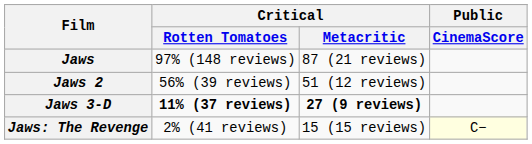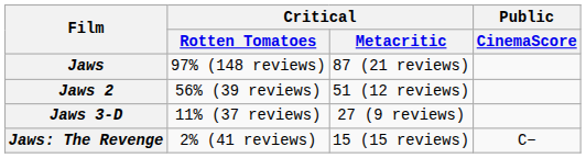 <table class="wikitable plainrowheaders sortable" style="text-align: center;">
 <tr>
 <th scope="col" rowspan="2">Film</th>
 <th scope="col" colspan="2">Critical</th>
 <th colspan="2" scope="col">Public</th>
 </tr>
 <tr>
 <th scope="col"><a href='#'>Rotten Tomatoes</a></th>
 <th scope="col"><a href='#'>Metacritic</a></th>
 <th scope="col"><a href='#'>CinemaScore</a></th>
 </tr>
 <tr>
 <th scope="row"><em>Jaws</em></th>
 <td>97% (148 reviews)</td>
 <td>87 (21 reviews)</td>
 <td></td>
 </tr>
 <tr>
 <th scope="row"><em>Jaws 2</em></th>
 <td>56% (39 reviews)</td>
 <td>51 (12 reviews)</td>
 <td></td>
 </tr>
 <tr>
 <th scope="row"><em>Jaws 3-D</em></th>
-<td><strong>11% (37 reviews)</strong></td>
-<td><strong>27 (9 reviews)</strong></td>
+<td>11% (37 reviews)</td>
+<td>27 (9 reviews)</td>
 <td></td>
 </tr>
 <tr>
 <th scope="row"><em>Jaws: The Revenge</em></th>
 <td>2% (41 reviews)</td>
 <td>15 (15 reviews)</td>
-<td style="background: lightyellow;">C−</td>
+<td>C−</td>
 </tr>
 </table>
